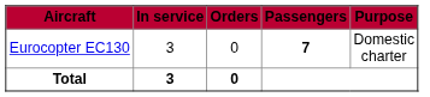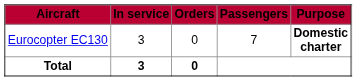 <table class="toccolours" border="2" cellpadding="3" style="border-collapse:collapse;text-align:center;">
 <tr style="background:#ba0032;">
 <td><strong><span>Aircraft</span></strong></td>
 <td><strong><span>In service</span></strong></td>
 <td><strong><span>Orders</span></strong></td>
 <td><strong><span>Passengers</span></strong></td>
 <td><strong><span>Purpose</span></strong></td>
 </tr>
 <tr>
 <td><a href='#'>Eurocopter EC130</a></td>
 <td>3</td>
 <td>0</td>
-<td><strong>7</strong></td>
-<td>Domestic <br> charter</td>
+<td>7</td>
+<td><strong>Domestic <br> charter</strong></td>
 </tr>
 <tr>
 <th>Total</th>
 <th>3</th>
 <th>0</th>
 <th colspan="5"></th>
 </tr>
 </table>
